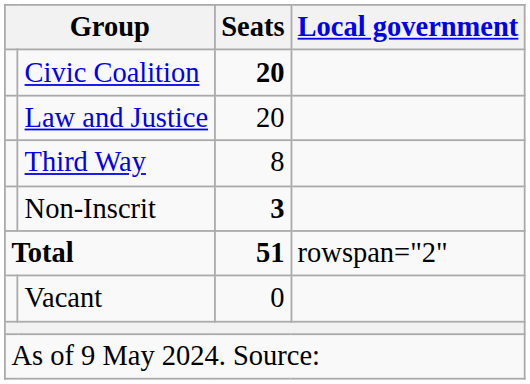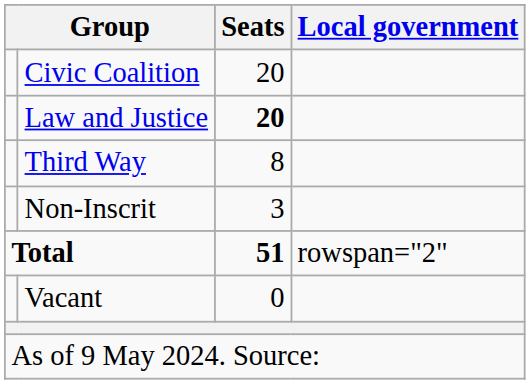 <table class="wikitable">
 <tr>
 <th colspan="2">Group</th>
 <th>Seats</th>
 <th><a href='#'>Local government</a></th>
 </tr>
 <tr>
 <td></td>
 <td><a href='#'>Civic Coalition</a></td>
-<td style="text-align: right;"><strong>20</strong></td>
+<td style="text-align: right;">20</td>
 <td></td>
 </tr>
 <tr>
 <td></td>
 <td><a href='#'>Law and Justice</a></td>
-<td style="text-align: right;">20</td>
+<td style="text-align: right;"><strong>20</strong></td>
 <td></td>
 </tr>
 <tr>
 <td></td>
 <td><a href='#'>Third Way</a></td>
 <td style="text-align: right;">8</td>
 <td></td>
 </tr>
 <tr>
 <td></td>
 <td>Non-Inscrit</td>
-<td style="text-align: right;"><strong>3</strong></td>
+<td style="text-align: right;">3</td>
 <td></td>
 </tr>
 <tr>
 <td colspan="2"><strong>Total</strong></td>
 <td style="text-align: right;"><strong>51</strong></td>
 <td>rowspan="2" </td>
 </tr>
 <tr>
 <td></td>
 <td>Vacant</td>
 <td style="text-align: right;">0</td>
 </tr>
 <tr>
 <th colspan="4"></th>
 </tr>
 <tr>
 <td colspan="4">As of 9 May 2024. Source:</td>
 </tr>
 </table>
